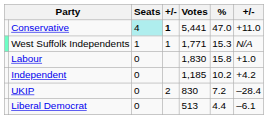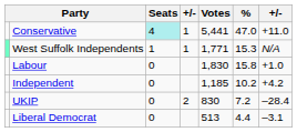 <table class="wikitable sortable">
 <tr>
 <th colspan="2">Party</th>
 <th>Seats</th>
 <th>+/-</th>
 <th>Votes</th>
 <th>%</th>
 <th>+/-</th>
 </tr>
 <tr>
 <td style="background-color: "></td>
 <td><a href='#'>Conservative</a></td>
 <td style="background: paleturquoise;">4</td>
-<td><strong> 1</strong></td>
+<td> 1</td>
 <td>5,441</td>
 <td>47.0</td>
 <td><span>+11.0</span></td>
 </tr>
 <tr>
 <td style="background-color: #6EFFC5"></td>
 <td>West Suffolk Independents</td>
 <td>1</td>
 <td> 1</td>
 <td>1,771</td>
 <td>15.3</td>
 <td><span><em>N/A</em></span></td>
 </tr>
 <tr>
 <td style="background-color: "></td>
 <td><a href='#'>Labour</a></td>
 <td>0</td>
 <td></td>
 <td>1,830</td>
 <td>15.8</td>
 <td><span>+1.0</span></td>
 </tr>
 <tr>
 <td style="background-color: "></td>
 <td><a href='#'>Independent</a></td>
 <td>0</td>
 <td></td>
 <td>1,185</td>
 <td>10.2</td>
 <td><span>+4.2</span></td>
 </tr>
 <tr>
 <td style="background-color: "></td>
 <td><a href='#'>UKIP</a></td>
 <td>0</td>
 <td> 2</td>
 <td>830</td>
 <td>7.2</td>
 <td><span>–28.4</span></td>
 </tr>
 <tr>
 <td style="background-color: "></td>
 <td><a href='#'>Liberal Democrat</a></td>
 <td>0</td>
 <td></td>
 <td>513</td>
 <td>4.4</td>
-<td><span>–6.1</span></td>
+<td><span>–3.1</span></td>
 </tr>
 </table>
